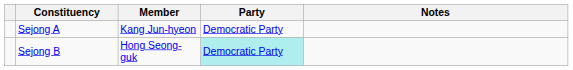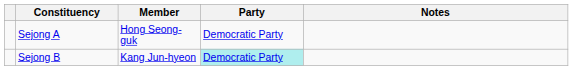 <table class="wikitable sortable">
 <tr>
 <th scope="col" style="width:10px;" class="unsortable"></th>
 <th scope="col" style="width:150px;">Constituency</th>
 <th scope="col" style="width:120px;">Member</th>
 <th scope="col" style="width:150px;">Party</th>
 <th scope="col" style="width:400px;" class="unsortable">Notes</th>
 </tr>
 <tr>
 <td scope="row" style="background-color:"></td>
 <td><a href='#'>Sejong A</a></td>
-<td><a href='#'>Kang Jun-hyeon</a></td>
+<td><a href='#'>Hong Seong-guk</a></td>
 <td><a href='#'>Democratic Party</a></td>
 <td></td>
 </tr>
 <tr>
 <td scope="row" style="background-color:"></td>
 <td><a href='#'>Sejong B</a></td>
-<td><a href='#'>Hong Seong-guk</a></td>
+<td><a href='#'>Kang Jun-hyeon</a></td>
 <td style="background: paleturquoise;"><a href='#'>Democratic Party</a></td>
 <td></td>
 </tr>
 </table>
